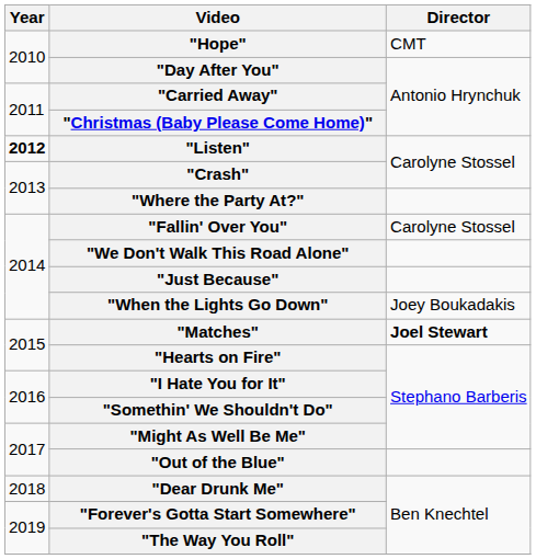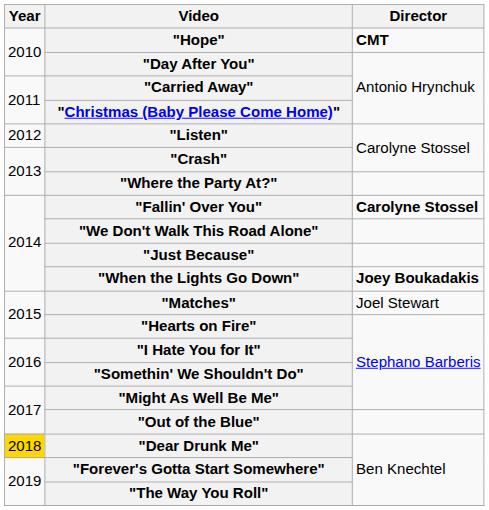 <table class="wikitable plainrowheaders">
 <tr>
 <th>Year</th>
 <th style="width:20em;">Video</th>
 <th>Director</th>
 </tr>
 <tr>
 <td rowspan="2">2010</td>
 <th scope="row">"Hope"</th>
-<td rowspan="1">CMT</td>
+<td rowspan="1"><strong>CMT</strong></td>
 </tr>
 <tr>
 <th scope="row">"Day After You"</th>
 <td rowspan="3">Antonio Hrynchuk</td>
 </tr>
 <tr>
 <td rowspan="2">2011</td>
 <th scope="row">"Carried Away"</th>
 </tr>
 <tr>
 <th scope="row">"<a href='#'>Christmas (Baby Please Come Home)</a>"</th>
 </tr>
 <tr>
-<td><strong>2012</strong></td>
+<td>2012</td>
 <th scope="row">"Listen"</th>
 <td rowspan="2">Carolyne Stossel</td>
 </tr>
 <tr>
 <td rowspan="2">2013</td>
 <th scope="row">"Crash"</th>
 </tr>
 <tr>
 <th scope="row">"Where the Party At?"</th>
 <td></td>
 </tr>
 <tr>
 <td rowspan="4">2014</td>
 <th scope="row">"Fallin' Over You"</th>
-<td>Carolyne Stossel</td>
+<td><strong>Carolyne Stossel</strong></td>
 </tr>
 <tr>
 <th scope="row">"We Don't Walk This Road Alone"</th>
 <td></td>
 </tr>
 <tr>
 <th scope="row">"Just Because"</th>
 <td></td>
 </tr>
 <tr>
 <th scope="row">"When the Lights Go Down"</th>
-<td>Joey Boukadakis</td>
+<td><strong>Joey Boukadakis</strong></td>
 </tr>
 <tr>
 <td rowspan="2">2015</td>
 <th scope="row">"Matches"</th>
-<td><strong>Joel Stewart</strong></td>
+<td>Joel Stewart</td>
 </tr>
 <tr>
 <th scope="row">"Hearts on Fire"</th>
 <td rowspan="4"><a href='#'>Stephano Barberis</a></td>
 </tr>
 <tr>
 <td rowspan="2">2016</td>
 <th scope="row">"I Hate You for It"</th>
 </tr>
 <tr>
 <th scope="row">"Somethin' We Shouldn't Do"</th>
 </tr>
 <tr>
 <td rowspan="2">2017</td>
 <th scope="row">"Might As Well Be Me"</th>
 </tr>
 <tr>
 <th scope="row">"Out of the Blue"</th>
 <td></td>
 </tr>
 <tr>
-<td>2018</td>
+<td style="background: gold;">2018</td>
 <th scope="row">"Dear Drunk Me"</th>
 <td rowspan="3">Ben Knechtel</td>
 </tr>
 <tr>
 <td rowspan="2">2019</td>
 <th scope="row">"Forever's Gotta Start Somewhere"</th>
 </tr>
 <tr>
 <th scope="row">"The Way You Roll"</th>
 </tr>
 <tr>
 </tr>
 </table>
